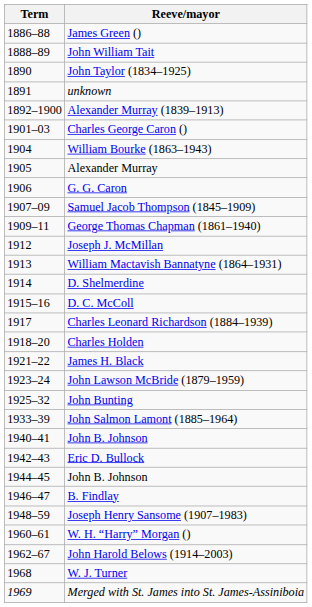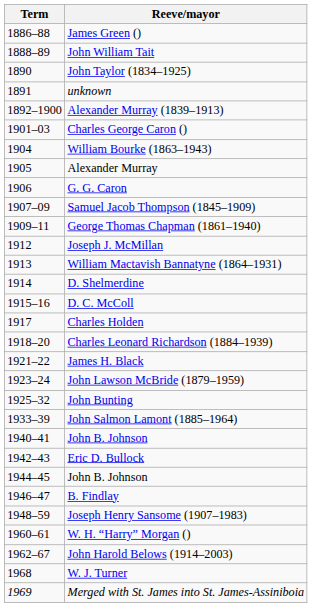 <table class="wikitable">
 <tr>
 <th>Term</th>
 <th>Reeve/mayor</th>
 </tr>
 <tr>
 <td>1886–88</td>
 <td><a href='#'>James Green</a> ()</td>
 </tr>
 <tr>
 <td>1888–89</td>
 <td><a href='#'>John William Tait</a></td>
 </tr>
 <tr>
 <td>1890</td>
 <td><a href='#'>John Taylor</a> (1834–1925)</td>
 </tr>
 <tr>
 <td>1891</td>
 <td><em>unknown</em></td>
 </tr>
 <tr>
 <td>1892–1900</td>
 <td><a href='#'>Alexander Murray</a> (1839–1913)</td>
 </tr>
 <tr>
 <td>1901–03</td>
 <td><a href='#'>Charles George Caron</a> ()</td>
 </tr>
 <tr>
 <td>1904</td>
 <td><a href='#'>William Bourke</a> (1863–1943)</td>
 </tr>
 <tr>
 <td>1905</td>
 <td>Alexander Murray</td>
 </tr>
 <tr>
 <td>1906</td>
 <td><a href='#'>G. G. Caron</a></td>
 </tr>
 <tr>
 <td>1907–09</td>
 <td><a href='#'>Samuel Jacob Thompson</a> (1845–1909)</td>
 </tr>
 <tr>
 <td>1909–11</td>
 <td><a href='#'>George Thomas Chapman</a> (1861–1940)</td>
 </tr>
 <tr>
 <td>1912</td>
 <td><a href='#'>Joseph J. McMillan</a></td>
 </tr>
 <tr>
 <td>1913</td>
 <td><a href='#'>William Mactavish Bannatyne</a> (1864–1931)</td>
 </tr>
 <tr>
 <td>1914</td>
 <td><a href='#'>D. Shelmerdine</a></td>
 </tr>
 <tr>
 <td>1915–16</td>
 <td><a href='#'>D. C. McColl</a></td>
 </tr>
 <tr>
 <td>1917</td>
-<td><a href='#'>Charles Leonard Richardson</a> (1884–1939)</td>
+<td><a href='#'>Charles Holden</a></td>
 </tr>
 <tr>
 <td>1918–20</td>
-<td><a href='#'>Charles Holden</a></td>
+<td><a href='#'>Charles Leonard Richardson</a> (1884–1939)</td>
 </tr>
 <tr>
 <td>1921–22</td>
 <td><a href='#'>James H. Black</a></td>
 </tr>
 <tr>
 <td>1923–24</td>
 <td><a href='#'>John Lawson McBride</a> (1879–1959)</td>
 </tr>
 <tr>
 <td>1925–32</td>
 <td><a href='#'>John Bunting</a></td>
 </tr>
 <tr>
 <td>1933–39</td>
 <td><a href='#'>John Salmon Lamont</a> (1885–1964)</td>
 </tr>
 <tr>
 <td>1940–41</td>
 <td><a href='#'>John B. Johnson</a></td>
 </tr>
 <tr>
 <td>1942–43</td>
 <td><a href='#'>Eric D. Bullock</a></td>
 </tr>
 <tr>
 <td>1944–45</td>
 <td>John B. Johnson</td>
 </tr>
 <tr>
 <td>1946–47</td>
 <td><a href='#'>B. Findlay</a></td>
 </tr>
 <tr>
 <td>1948–59</td>
 <td><a href='#'>Joseph Henry Sansome</a> (1907–1983)</td>
 </tr>
 <tr>
 <td>1960–61</td>
 <td><a href='#'>W. H. “Harry” Morgan</a> ()</td>
 </tr>
 <tr>
 <td>1962–67</td>
 <td><a href='#'>John Harold Belows</a> (1914–2003)</td>
 </tr>
 <tr>
 <td>1968</td>
 <td><a href='#'>W. J. Turner</a></td>
 </tr>
 <tr>
 <td><em>1969</em></td>
 <td><em>Merged with St. James into St. James-Assiniboia</em></td>
 </tr>
 </table>
